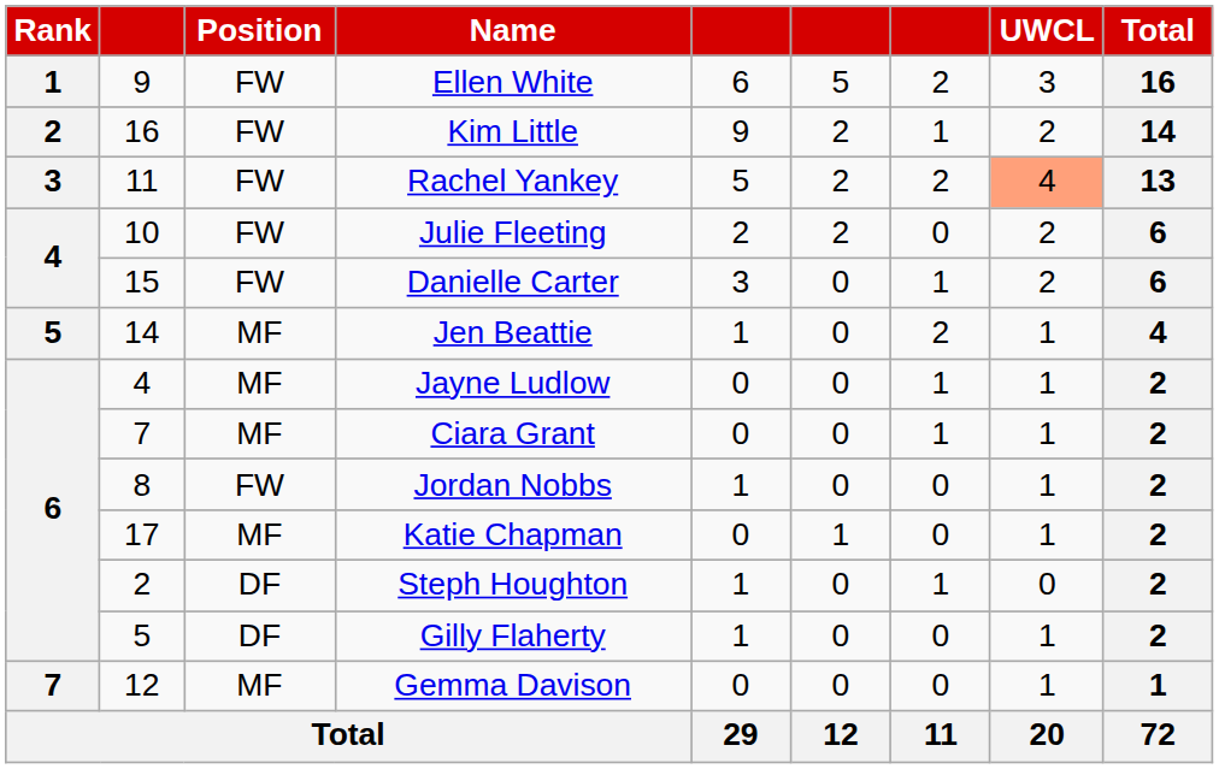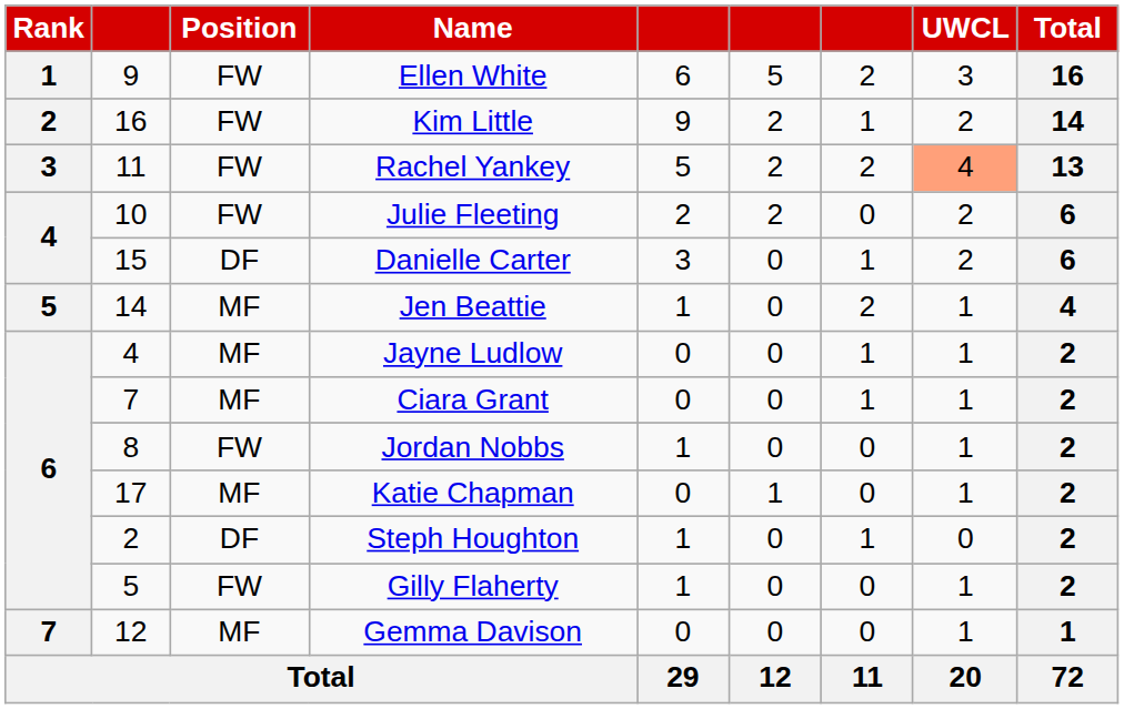 <table class="wikitable" style="text-align:center; font-size:100%; ">
 <tr>
 <th style="background:#d50000; color:white; text-align:center; width:40px">Rank</th>
 <th style="background:#d50000; color:white; text-align:center; width:40px"></th>
 <th style="background:#d50000; color:white; text-align:center; width:70px">Position</th>
 <th style="background:#d50000; color:white; text-align:center; width:200px">Name</th>
 <th style="background:#d50000; color:white; text-align:center; width:50px;"><a href='#'></a></th>
 <th style="background:#d50000; color:white; text-align:center; width:50px;"><a href='#'></a></th>
 <th style="background:#d50000; color:white; text-align:center; width:50px;"></th>
 <th style="background:#d50000; color:white; text-align:center; width:50px;">UWCL</th>
 <th style="background:#d50000; color:white; text-align:center; width:50px;">Total</th>
 </tr>
 <tr>
 <th>1</th>
 <td>9</td>
 <td>FW</td>
 <td> <a href='#'>Ellen White</a></td>
 <td>6</td>
 <td>5</td>
 <td>2</td>
 <td>3</td>
 <th>16</th>
 </tr>
 <tr>
 <th>2</th>
 <td>16</td>
 <td>FW</td>
 <td> <a href='#'>Kim Little</a></td>
 <td>9</td>
 <td>2</td>
 <td>1</td>
 <td>2</td>
 <th>14</th>
 </tr>
 <tr>
 <th>3</th>
 <td>11</td>
 <td>FW</td>
 <td> <a href='#'>Rachel Yankey</a></td>
 <td>5</td>
 <td>2</td>
 <td>2</td>
 <td style="background: lightsalmon;">4</td>
 <th>13</th>
 </tr>
 <tr>
 <th rowspan="2">4</th>
 <td>10</td>
 <td>FW</td>
 <td> <a href='#'>Julie Fleeting</a></td>
 <td>2</td>
 <td>2</td>
 <td>0</td>
 <td>2</td>
 <th>6</th>
 </tr>
 <tr>
 <td>15</td>
-<td>FW</td>
+<td>DF</td>
 <td> <a href='#'>Danielle Carter</a></td>
 <td>3</td>
 <td>0</td>
 <td>1</td>
 <td>2</td>
 <th>6</th>
 </tr>
 <tr>
 <th>5</th>
 <td>14</td>
 <td>MF</td>
 <td> <a href='#'>Jen Beattie</a></td>
 <td>1</td>
 <td>0</td>
 <td>2</td>
 <td>1</td>
 <th>4</th>
 </tr>
 <tr>
 <th rowspan="6">6</th>
 <td>4</td>
 <td>MF</td>
 <td> <a href='#'>Jayne Ludlow</a></td>
 <td>0</td>
 <td>0</td>
 <td>1</td>
 <td>1</td>
 <th>2</th>
 </tr>
 <tr>
 <td>7</td>
 <td>MF</td>
 <td> <a href='#'>Ciara Grant</a></td>
 <td>0</td>
 <td>0</td>
 <td>1</td>
 <td>1</td>
 <th>2</th>
 </tr>
 <tr>
 <td>8</td>
 <td>FW</td>
 <td> <a href='#'>Jordan Nobbs</a></td>
 <td>1</td>
 <td>0</td>
 <td>0</td>
 <td>1</td>
 <th>2</th>
 </tr>
 <tr>
 <td>17</td>
 <td>MF</td>
 <td><em></em> <a href='#'>Katie Chapman</a></td>
 <td>0</td>
 <td>1</td>
 <td>0</td>
 <td>1</td>
 <th>2</th>
 </tr>
 <tr>
 <td>2</td>
 <td>DF</td>
 <td> <a href='#'>Steph Houghton</a></td>
 <td>1</td>
 <td>0</td>
 <td>1</td>
 <td>0</td>
 <th>2</th>
 </tr>
 <tr>
 <td>5</td>
-<td>DF</td>
+<td>FW</td>
 <td> <a href='#'>Gilly Flaherty</a></td>
 <td>1</td>
 <td>0</td>
 <td>0</td>
 <td>1</td>
 <th>2</th>
 </tr>
 <tr>
 <th>7</th>
 <td>12</td>
 <td>MF</td>
 <td> <a href='#'>Gemma Davison</a></td>
 <td>0</td>
 <td>0</td>
 <td>0</td>
 <td>1</td>
 <th>1</th>
 </tr>
 <tr>
 <th colspan="4">Total</th>
 <th>29</th>
 <th>12</th>
 <th>11</th>
 <th>20</th>
 <th>72</th>
 </tr>
 </table>
